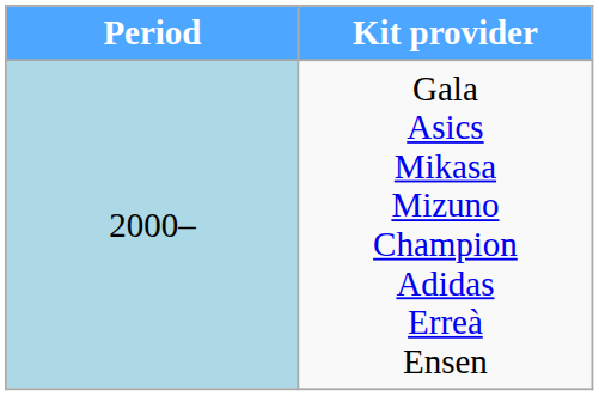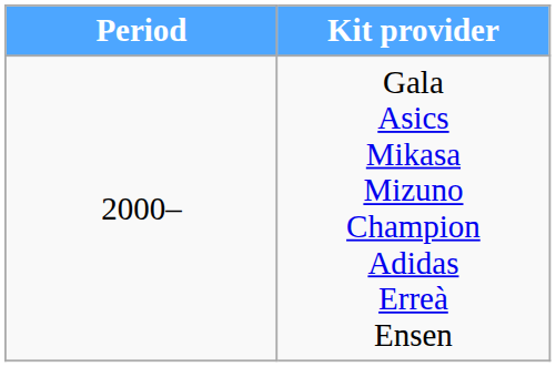 <table class="wikitable" style="text-align: center">
 <tr>
 <th style="width:8em; color:#FFFFFF; background-color:#4da6ff">Period</th>
 <th style="width:8em; color:#FFFFFF; background-color:#4da6ff">Kit provider</th>
 </tr>
 <tr>
-<td style="background: lightblue;">2000–</td>
+<td>2000–</td>
 <td>Gala<br><a href='#'>Asics</a><br><a href='#'>Mikasa</a><br><a href='#'>Mizuno</a><br><a href='#'>Champion</a><br><a href='#'>Adidas</a><br><a href='#'>Erreà</a><br>Ensen</td>
 </tr>
 </table>
